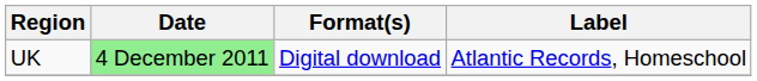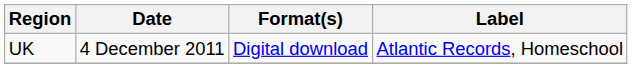 <table class="wikitable plainrowheaders">
 <tr>
 <th scope="col">Region</th>
 <th scope="col">Date</th>
 <th scope="col">Format(s)</th>
 <th scope="col">Label</th>
 </tr>
 <tr>
 <td scope="center">UK</td>
-<td rowspan="1" style="background: lightgreen;">4 December 2011</td>
+<td rowspan="1">4 December 2011</td>
 <td rowspan="1"><a href='#'>Digital download</a></td>
 <td rowspan="1"><a href='#'>Atlantic Records</a>, Homeschool</td>
 </tr>
 <tr>
 </tr>
 </table>
